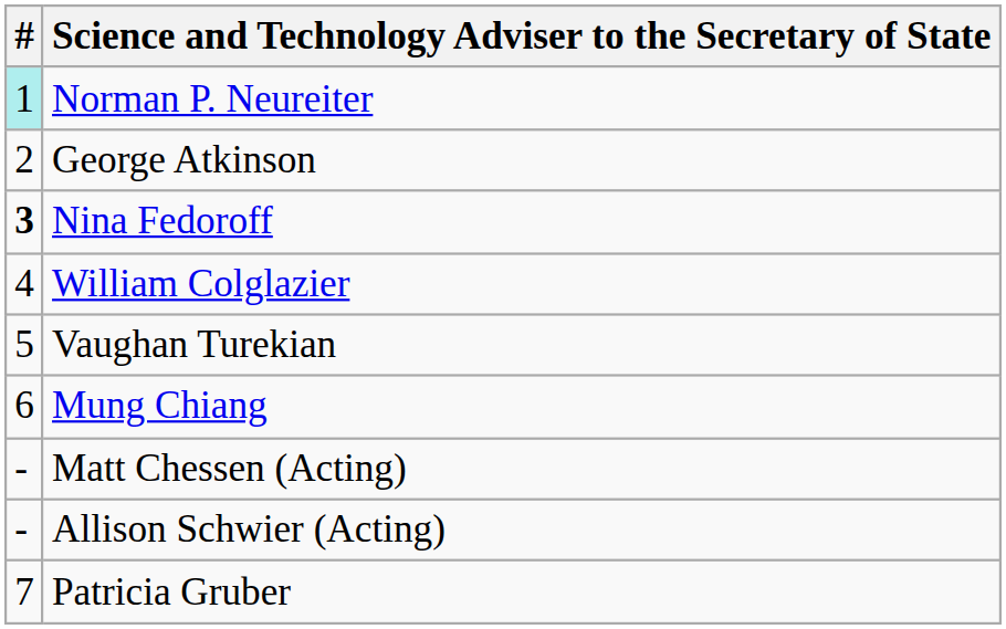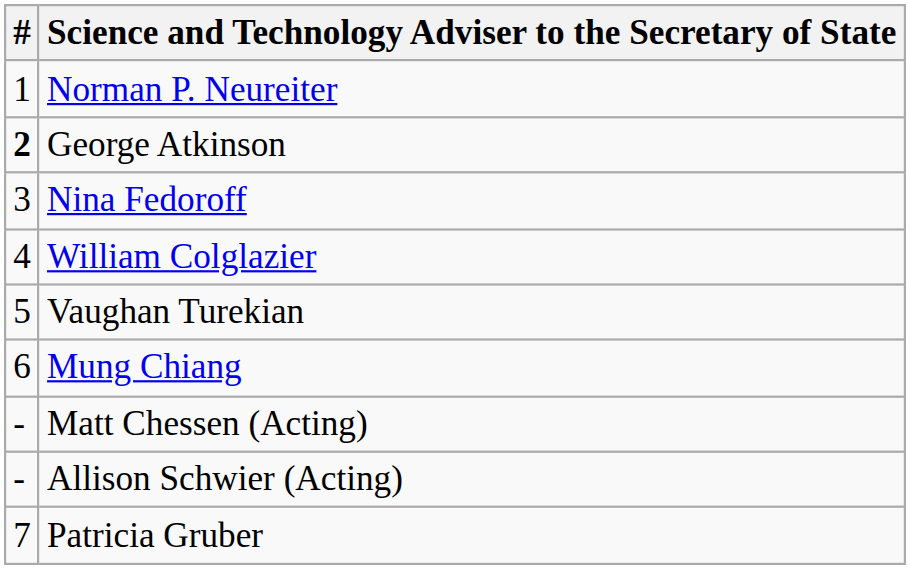 <table class="wikitable">
 <tr>
 <th>#</th>
 <th>Science and Technology Adviser to the Secretary of State</th>
 </tr>
 <tr>
-<td style="background: paleturquoise;">1</td>
+<td>1</td>
 <td><a href='#'>Norman P. Neureiter</a></td>
 </tr>
 <tr>
-<td>2</td>
+<td><strong>2</strong></td>
 <td>George Atkinson</td>
 </tr>
 <tr>
-<td><strong>3</strong></td>
+<td>3</td>
 <td><a href='#'>Nina Fedoroff</a></td>
 </tr>
 <tr>
 <td>4</td>
 <td><a href='#'>William Colglazier</a></td>
 </tr>
 <tr>
 <td>5</td>
 <td>Vaughan Turekian</td>
 </tr>
 <tr>
 <td>6</td>
 <td><a href='#'>Mung Chiang</a></td>
 </tr>
 <tr>
 <td>-</td>
 <td>Matt Chessen (Acting)</td>
 </tr>
 <tr>
 <td>-</td>
 <td>Allison Schwier (Acting)</td>
 </tr>
 <tr>
 <td>7</td>
 <td>Patricia Gruber</td>
 </tr>
 </table>
